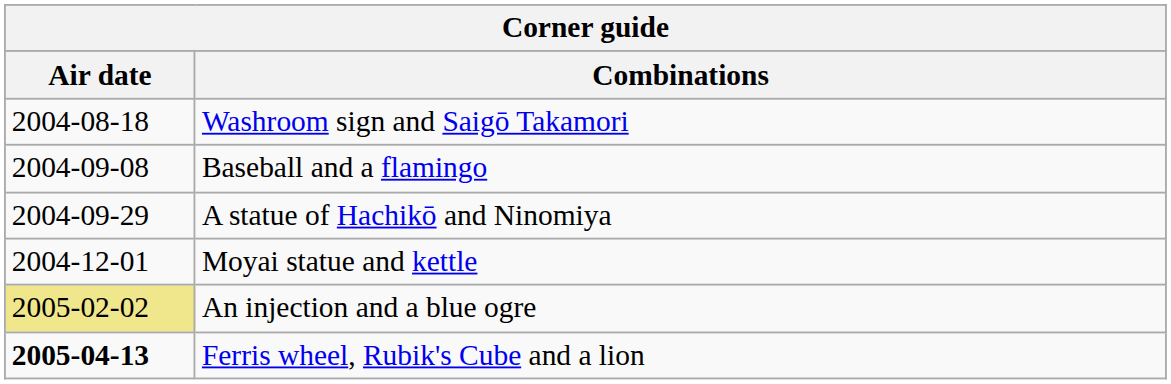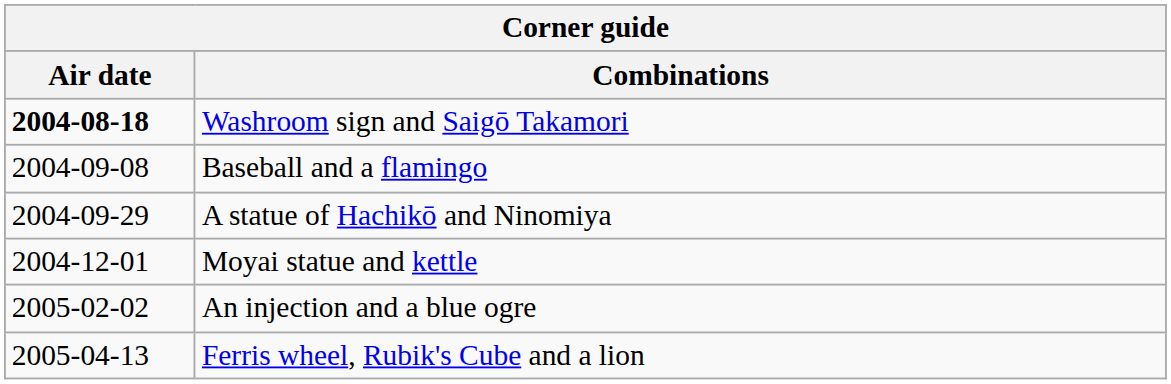 <table class="wikitable collapsible collapsed" style="clear:none; padding:0 auto; width:50%; margin:auto align:left;">
 <tr>
 <th colspan=3>Corner guide</th>
 </tr>
 <tr>
 <th style="width:6em;">Air date</th>
 <th>Combinations</th>
 </tr>
 <tr>
-<td>2004-08-18</td>
+<td><strong>2004-08-18</strong></td>
 <td><a href='#'>Washroom</a> sign and <a href='#'>Saigō Takamori</a></td>
 </tr>
 <tr>
 <td>2004-09-08</td>
 <td>Baseball and a <a href='#'>flamingo</a></td>
 </tr>
 <tr>
 <td>2004-09-29</td>
 <td>A statue of <a href='#'>Hachikō</a> and Ninomiya</td>
 </tr>
 <tr>
 <td>2004-12-01</td>
 <td>Moyai statue and <a href='#'>kettle</a></td>
 </tr>
 <tr>
-<td style="background: khaki;">2005-02-02</td>
+<td>2005-02-02</td>
 <td>An injection and a blue ogre</td>
 </tr>
 <tr>
-<td><strong>2005-04-13</strong></td>
+<td>2005-04-13</td>
 <td><a href='#'>Ferris wheel</a>, <a href='#'>Rubik's Cube</a> and a lion</td>
 </tr>
 </table>
